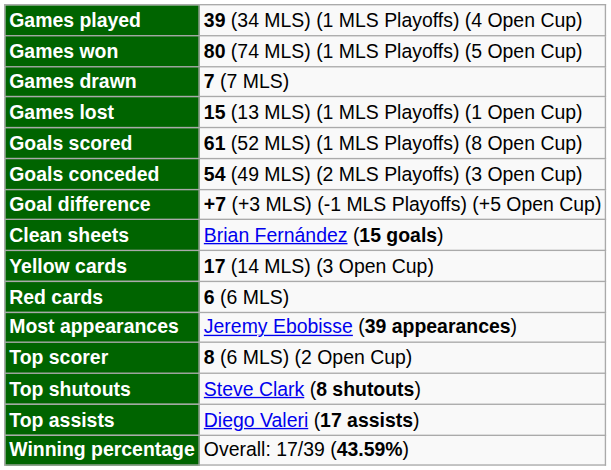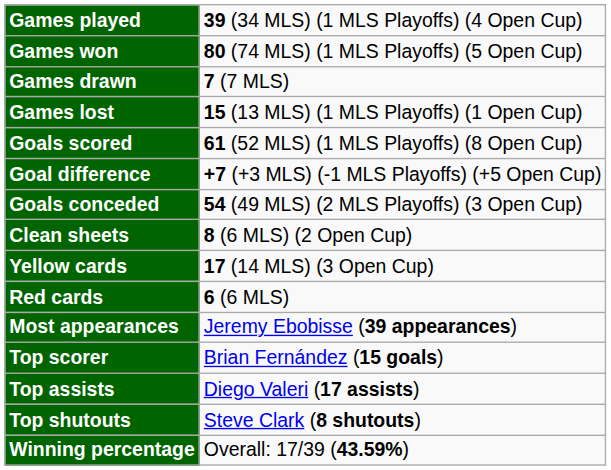 <table class="wikitable sortable" style="font-size: 90%;">
 <tr>
 <td style="background:darkgreen; color:white;"><strong>Games played</strong></td>
 <td><strong>39</strong> (34 MLS) (1 MLS Playoffs) (4 Open Cup)</td>
 </tr>
 <tr>
 <td style="background:darkgreen; color:white;"><strong>Games won</strong></td>
 <td><strong>80</strong>  (74 MLS) (1 MLS Playoffs) (5 Open Cup)</td>
 </tr>
 <tr>
 <td style="background:darkgreen; color:white;"><strong>Games drawn</strong></td>
 <td><strong>7</strong> (7 MLS)</td>
 </tr>
 <tr>
 <td style="background:darkgreen; color:white;"><strong>Games lost</strong></td>
 <td><strong>15</strong> (13 MLS) (1 MLS Playoffs) (1 Open Cup)</td>
 </tr>
 <tr>
 <td style="background:darkgreen; color:white;"><strong>Goals scored</strong></td>
 <td><strong>61</strong> (52 MLS) (1 MLS Playoffs) (8 Open Cup)</td>
 </tr>
 <tr>
+<td style="background:darkgreen; color:white"><strong>Goal difference</strong></td>
+<td><strong>+7</strong> (+3 MLS) (-1 MLS Playoffs) (+5 Open Cup)</td>
+</tr>
+<tr>
 <td style="background:darkgreen; color:white;"><strong>Goals conceded</strong></td>
 <td><strong>54</strong> (49 MLS) (2 MLS Playoffs) (3 Open Cup)</td>
 </tr>
 <tr>
-<td style="background:darkgreen; color:white"><strong>Goal difference</strong></td>
-<td><strong>+7</strong> (+3 MLS) (-1 MLS Playoffs) (+5 Open Cup)</td>
-</tr>
-<tr>
 <td style="background:darkgreen; color:white;"><strong>Clean sheets</strong></td>
-<td><a href='#'>Brian Fernández</a> (<strong>15 goals</strong>)</td>
+<td><strong>8</strong>  (6 MLS) (2 Open Cup)</td>
 </tr>
 <tr>
 <td style="background:darkgreen; color:white;"><strong>Yellow cards</strong></td>
 <td><strong>17</strong> (14 MLS) (3 Open Cup)</td>
 </tr>
 <tr>
 <td style="background:darkgreen; color:white;"><strong>Red cards</strong></td>
 <td><strong>6</strong> (6 MLS)</td>
 </tr>
 <tr>
 <td style="background:darkgreen; color:white;"><strong>Most appearances</strong></td>
 <td><a href='#'>Jeremy Ebobisse</a> (<strong>39 appearances</strong>)</td>
 </tr>
 <tr>
 <td style="background:darkgreen; color:white;"><strong>Top scorer</strong></td>
-<td><strong>8</strong>  (6 MLS) (2 Open Cup)</td>
+<td><a href='#'>Brian Fernández</a> (<strong>15 goals</strong>)</td>
+</tr>
+<tr>
+<td style="background:darkgreen; color:white;"><strong>Top assists</strong></td>
+<td><a href='#'>Diego Valeri</a> (<strong>17 assists</strong>)</td>
 </tr>
 <tr>
 <td style="background:darkgreen; color:white;"><strong>Top shutouts</strong></td>
 <td> <a href='#'>Steve Clark</a> (<strong>8 shutouts</strong>)</td>
 </tr>
 <tr>
-<td style="background:darkgreen; color:white;"><strong>Top assists</strong></td>
-<td><a href='#'>Diego Valeri</a> (<strong>17 assists</strong>)</td>
-</tr>
-<tr>
 <td style="background:darkgreen; color:white;"><strong>Winning percentage</strong></td>
 <td>Overall: 17/39 (<strong>43.59%</strong>)</td>
 </tr>
 </table>
